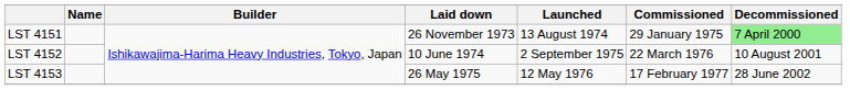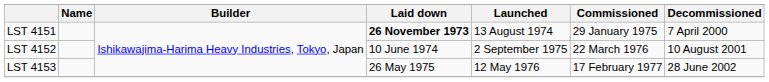 <table class=wikitable>
 <tr>
 </tr>
 <tr>
 </tr>
 <tr>
 <th></th>
 <th>Name</th>
 <th>Builder</th>
 <th>Laid down</th>
 <th>Launched</th>
 <th>Commissioned</th>
 <th>Decommissioned</th>
 </tr>
 <tr>
 <td>LST 4151</td>
 <td></td>
 <td rowspan=3 align=center><a href='#'>Ishikawajima-Harima Heavy Industries</a>, <a href='#'>Tokyo</a>, Japan</td>
-<td>26 November 1973</td>
+<td><strong>26 November 1973</strong></td>
 <td>13 August 1974</td>
 <td>29 January 1975</td>
-<td style="background: lightgreen;">7 April 2000</td>
+<td>7 April 2000</td>
 </tr>
 <tr>
 <td>LST 4152</td>
 <td></td>
 <td>10 June 1974</td>
 <td>2 September 1975</td>
 <td>22 March 1976</td>
 <td>10 August 2001</td>
 </tr>
 <tr>
 <td>LST 4153</td>
 <td></td>
 <td>26 May 1975</td>
 <td>12 May 1976</td>
 <td>17 February 1977</td>
 <td>28 June 2002</td>
 </tr>
 <tr>
 </tr>
 </table>
